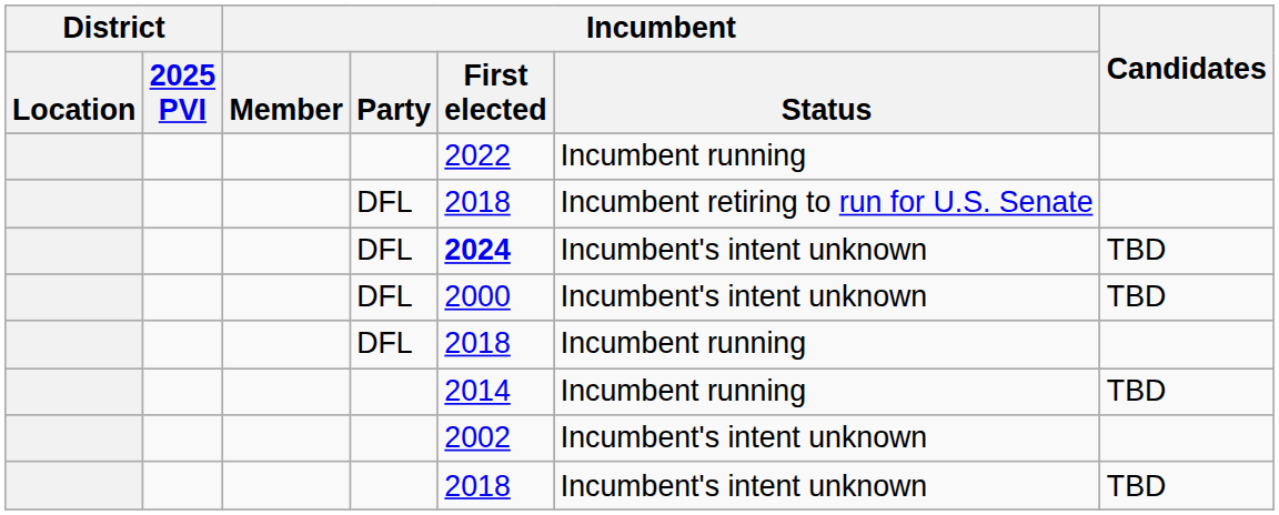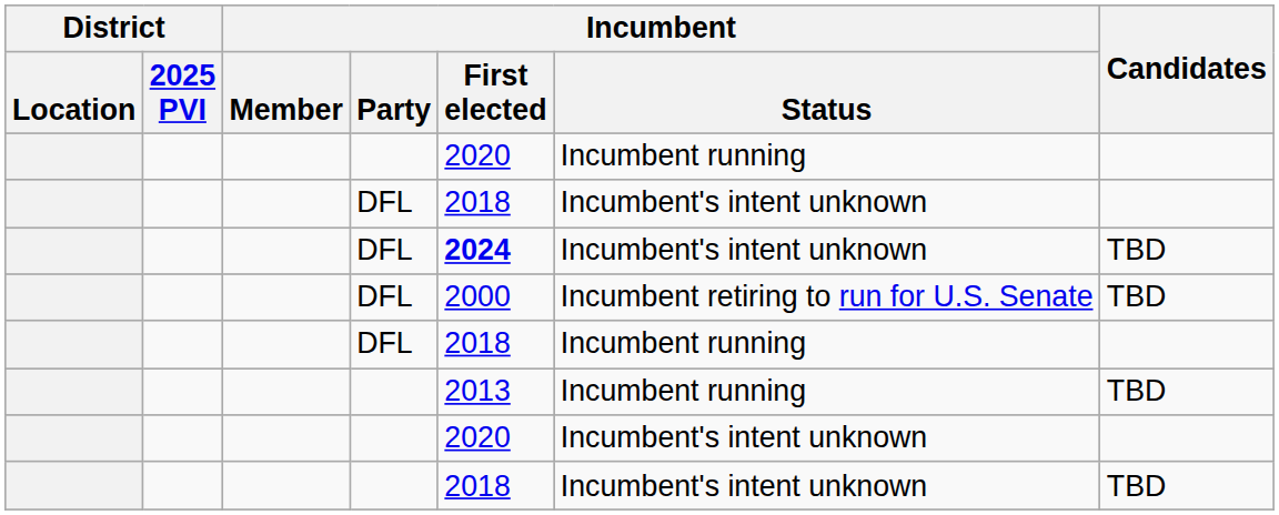 <table class="wikitable sortable">
 <tr>
 <th colspan=2>District</th>
 <th colspan=4>Incumbent</th>
 <th rowspan=2 class="unsortable">Candidates</th>
 </tr>
 <tr valign=bottom>
 <th>Location</th>
 <th><a href='#'>2025<br>PVI</a></th>
 <th>Member</th>
 <th>Party</th>
 <th>First<br>elected</th>
 <th>Status</th>
 </tr>
 <tr>
 <th></th>
 <td></td>
 <td></td>
 <td></td>
-<td><a href='#'>2022 </a></td>
+<td><a href='#'>2020 </a></td>
 <td>Incumbent running</td>
 <td></td>
 </tr>
 <tr>
 <th></th>
 <td></td>
 <td></td>
 <td>DFL</td>
 <td><a href='#'>2018</a></td>
-<td>Incumbent retiring to <a href='#'>run for U.S. Senate</a></td>
+<td>Incumbent's intent unknown</td>
 <td></td>
 </tr>
 <tr>
 <th></th>
 <td></td>
 <td></td>
 <td>DFL</td>
 <td><strong><a href='#'>2024</a></strong></td>
 <td>Incumbent's intent unknown</td>
 <td>TBD</td>
 </tr>
 <tr>
 <th></th>
 <td></td>
 <td></td>
 <td>DFL</td>
 <td><a href='#'>2000</a></td>
-<td>Incumbent's intent unknown</td>
+<td>Incumbent retiring to <a href='#'>run for U.S. Senate</a></td>
 <td>TBD</td>
 </tr>
 <tr>
 <th></th>
 <td></td>
 <td></td>
 <td>DFL</td>
 <td><a href='#'>2018</a></td>
 <td>Incumbent running</td>
 <td></td>
 </tr>
 <tr>
 <th></th>
 <td></td>
 <td></td>
 <td></td>
-<td><a href='#'>2014</a></td>
+<td><a href='#'>2013</a></td>
 <td>Incumbent running</td>
 <td>TBD</td>
 </tr>
 <tr>
 <th></th>
 <td></td>
 <td></td>
 <td></td>
-<td><a href='#'>2002</a></td>
+<td><a href='#'>2020</a></td>
 <td>Incumbent's intent unknown</td>
 <td></td>
 </tr>
 <tr>
 <th></th>
 <td></td>
 <td></td>
 <td></td>
 <td><a href='#'>2018</a></td>
 <td>Incumbent's intent unknown</td>
 <td>TBD</td>
 </tr>
 </table>
